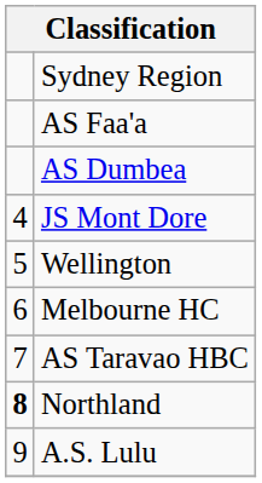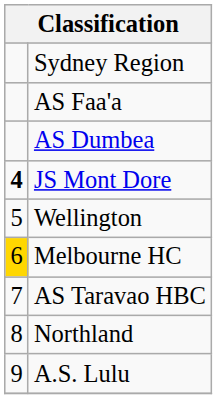 <table class="wikitable" font-size: 90%;>
 <tr>
 <th colspan=2>Classification</th>
 </tr>
 <tr valign="top">
 <td></td>
 <td> Sydney Region</td>
 </tr>
 <tr>
 <td></td>
 <td> AS Faa'a</td>
 </tr>
 <tr>
 <td></td>
 <td> <a href='#'>AS Dumbea</a></td>
 </tr>
 <tr>
-<td>4</td>
+<td><strong>4</strong></td>
 <td> <a href='#'>JS Mont Dore</a></td>
 </tr>
 <tr>
 <td>5</td>
 <td> Wellington</td>
 </tr>
 <tr>
-<td>6</td>
+<td style="background: gold;">6</td>
 <td> Melbourne HC</td>
 </tr>
 <tr>
 <td>7</td>
 <td> AS Taravao HBC</td>
 </tr>
 <tr>
-<td><strong>8</strong></td>
+<td>8</td>
 <td> Northland</td>
 </tr>
 <tr>
 <td>9</td>
 <td> A.S. Lulu</td>
 </tr>
 <tr>
 </tr>
 </table>
